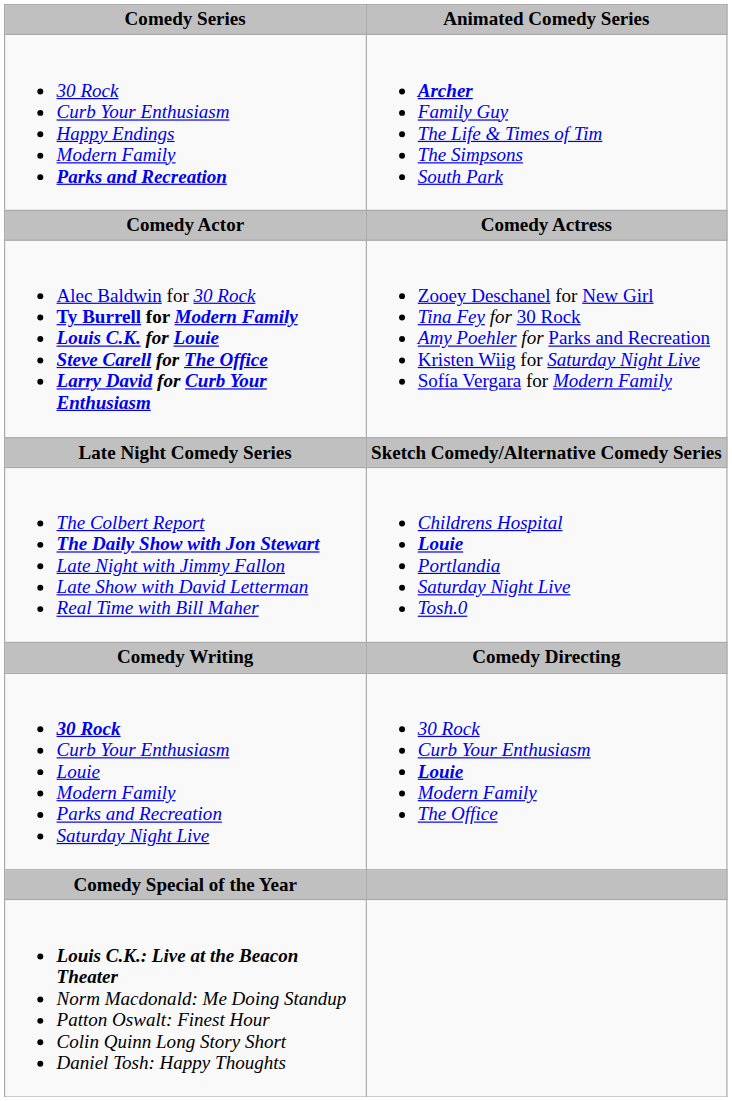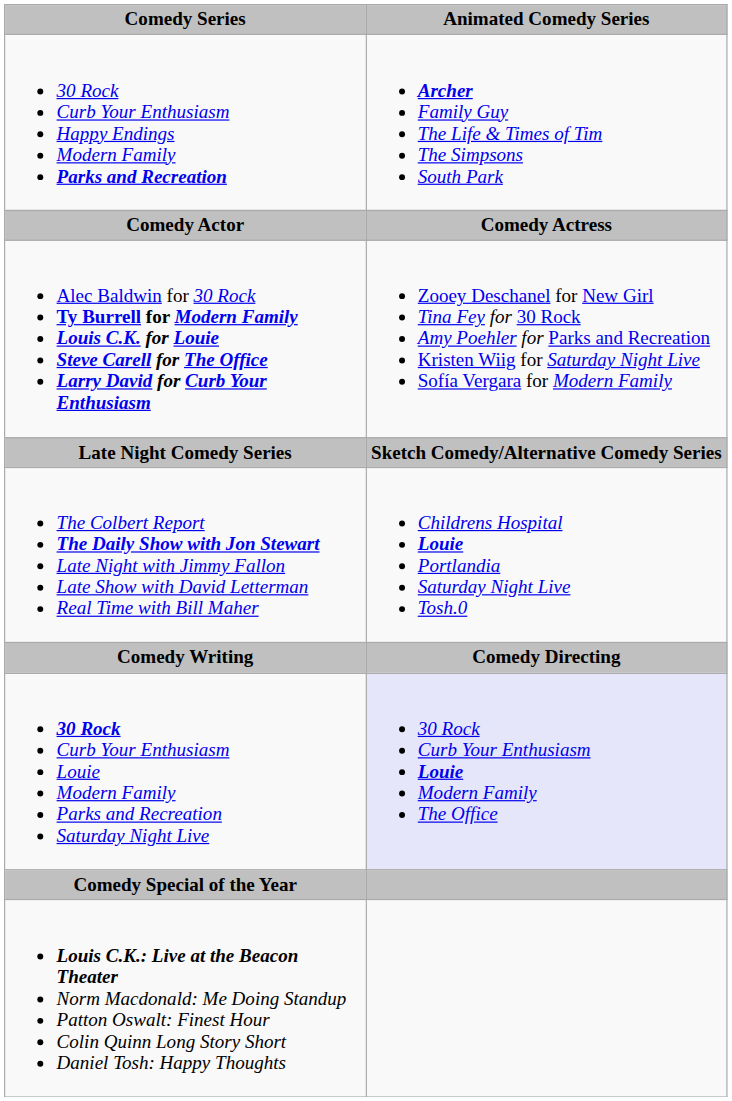 <table class=wikitable>
 <tr>
 <th style="background:silver" width="50%">Comedy Series</th>
 <th style="background:silver" width="50%">Animated Comedy Series</th>
 </tr>
 <tr>
 <td valign="top"><br><ul><li><em><a href='#'>30 Rock</a></em></li><li><em><a href='#'>Curb Your Enthusiasm</a></em></li><li><em><a href='#'>Happy Endings</a></em></li><li><em><a href='#'>Modern Family</a></em></li><li><strong><em><a href='#'>Parks and Recreation</a></em></strong></li></ul></td>
 <td valign="top"><br><ul><li><strong><em><a href='#'>Archer</a></em></strong></li><li><em><a href='#'>Family Guy</a></em></li><li><em><a href='#'>The Life & Times of Tim</a></em></li><li><em><a href='#'>The Simpsons</a></em></li><li><em><a href='#'>South Park</a></em></li></ul></td>
 </tr>
 <tr>
 <th ! style="background:silver" width="50%">Comedy Actor</th>
 <th ! style="background:silver" width="50%">Comedy Actress</th>
 </tr>
 <tr>
 <td valign="top"><br><ul><li><a href='#'>Alec Baldwin</a> for <em><a href='#'>30 Rock</a></em></li><li><strong><a href='#'>Ty Burrell</a> for <em><a href='#'>Modern Family</a><strong><em></li><li><a href='#'>Louis C.K.</a> for </em><a href='#'>Louie</a><em></li><li><a href='#'>Steve Carell</a> for </em><a href='#'>The Office</a><em></li><li><a href='#'>Larry David</a> for </em><a href='#'>Curb Your Enthusiasm</a><em></li></ul></td>
 <td valign="top"><br><ul><li><a href='#'>Zooey Deschanel</a> for </em><a href='#'>New Girl</a><em></li><li><a href='#'>Tina Fey</a> for </em><a href='#'>30 Rock</a><em></li><li></strong><a href='#'>Amy Poehler</a> for </em><a href='#'>Parks and Recreation</a></em></strong></li><li><a href='#'>Kristen Wiig</a> for <em><a href='#'>Saturday Night Live</a></em></li><li><a href='#'>Sofía Vergara</a> for <em><a href='#'>Modern Family</a></em></li></ul></td>
 </tr>
 <tr>
 <th ! style="background:silver" width="50%">Late Night Comedy Series</th>
 <th ! style="background:silver" width="50%">Sketch Comedy/Alternative Comedy Series</th>
 </tr>
 <tr>
 <td valign="top"><br><ul><li><em><a href='#'>The Colbert Report</a></em></li><li><strong><em><a href='#'>The Daily Show with Jon Stewart</a></em></strong></li><li><em><a href='#'>Late Night with Jimmy Fallon</a></em></li><li><em><a href='#'>Late Show with David Letterman</a></em></li><li><em><a href='#'>Real Time with Bill Maher</a></em></li></ul></td>
 <td valign="top"><br><ul><li><em><a href='#'>Childrens Hospital</a></em></li><li><strong><em><a href='#'>Louie</a></em></strong></li><li><em><a href='#'>Portlandia</a></em></li><li><em><a href='#'>Saturday Night Live</a></em></li><li><em><a href='#'>Tosh.0</a></em></li></ul></td>
 </tr>
 <tr>
 <th style="background:silver" width="50%">Comedy Writing</th>
 <th style="background:silver" width="50%">Comedy Directing</th>
 </tr>
 <tr>
 <td valign="top"><br><ul><li><strong><em><a href='#'>30 Rock</a></em></strong></li><li><em><a href='#'>Curb Your Enthusiasm</a></em></li><li><em><a href='#'>Louie</a></em></li><li><em><a href='#'>Modern Family</a></em></li><li><em><a href='#'>Parks and Recreation</a></em></li><li><em><a href='#'>Saturday Night Live</a></em></li></ul></td>
-<td valign="top"><br><ul><li><em><a href='#'>30 Rock</a></em></li><li><em><a href='#'>Curb Your Enthusiasm</a></em></li><li><strong><em><a href='#'>Louie</a></em></strong></li><li><em><a href='#'>Modern Family</a></em></li><li><em><a href='#'>The Office</a></em></li></ul></td>
+<td valign="top" style="background: lavender;"><br><ul><li><em><a href='#'>30 Rock</a></em></li><li><em><a href='#'>Curb Your Enthusiasm</a></em></li><li><strong><em><a href='#'>Louie</a></em></strong></li><li><em><a href='#'>Modern Family</a></em></li><li><em><a href='#'>The Office</a></em></li></ul></td>
 </tr>
 <tr>
 <th style="background:silver" width="50%">Comedy Special of the Year</th>
 <th style="background:silver" width="50%"></th>
 </tr>
 <tr>
 <td valign="top"><br><ul><li><strong><em>Louis C.K.: Live at the Beacon Theater</em></strong></li><li><em>Norm Macdonald: Me Doing Standup</em></li><li><em>Patton Oswalt: Finest Hour</em></li><li><em>Colin Quinn Long Story Short</em></li><li><em>Daniel Tosh: Happy Thoughts</em></li></ul></td>
 </tr>
 </table>
